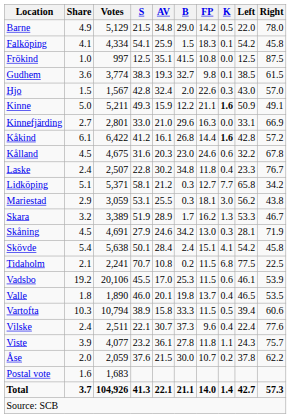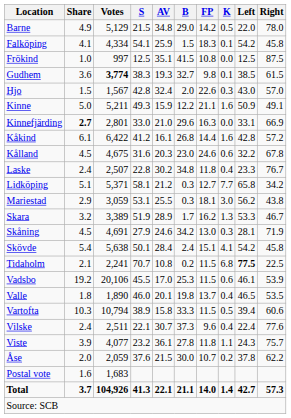 <table class="wikitable sortable" style=text-align:right>
 <tr>
 <th>Location</th>
 <th>Share</th>
 <th>Votes</th>
 <th><a href='#'>S</a></th>
 <th><a href='#'>AV</a></th>
 <th><a href='#'>B</a></th>
 <th><a href='#'>FP</a></th>
 <th><a href='#'>K</a></th>
 <th>Left</th>
 <th>Right</th>
 </tr>
 <tr>
 <td align=left><a href='#'>Barne</a></td>
 <td>4.9</td>
 <td>5,129</td>
 <td>21.5</td>
 <td>34.8</td>
 <td>29.0</td>
 <td>14.2</td>
 <td>0.5</td>
 <td>22.0</td>
 <td>78.0</td>
 </tr>
 <tr>
 <td align=left><a href='#'>Falköping</a></td>
 <td>4.1</td>
 <td>4,334</td>
 <td>54.1</td>
 <td>25.9</td>
 <td>1.5</td>
 <td>18.3</td>
 <td>0.1</td>
 <td>54.2</td>
 <td>45.8</td>
 </tr>
 <tr>
 <td align=left><a href='#'>Frökind</a></td>
 <td>1.0</td>
 <td>997</td>
 <td>12.5</td>
 <td>35.1</td>
 <td>41.5</td>
 <td>10.8</td>
 <td>0.0</td>
 <td>12.5</td>
 <td>87.5</td>
 </tr>
 <tr>
 <td align=left><a href='#'>Gudhem</a></td>
 <td>3.6</td>
-<td>3,774</td>
+<td><strong>3,774</strong></td>
 <td>38.3</td>
 <td>19.3</td>
 <td>32.7</td>
 <td>9.8</td>
 <td>0.1</td>
 <td>38.5</td>
 <td>61.5</td>
 </tr>
 <tr>
 <td align=left><a href='#'>Hjo</a></td>
 <td>1.5</td>
 <td>1,567</td>
 <td>42.8</td>
 <td>32.4</td>
 <td>2.0</td>
 <td>22.6</td>
 <td>0.3</td>
 <td>43.0</td>
 <td>57.0</td>
 </tr>
 <tr>
 <td align=left><a href='#'>Kinne</a></td>
 <td>5.0</td>
 <td>5,211</td>
 <td>49.3</td>
 <td>15.9</td>
 <td>12.2</td>
 <td>21.1</td>
-<td><strong>1.6</strong></td>
+<td>1.6</td>
 <td>50.9</td>
 <td>49.1</td>
 </tr>
 <tr>
 <td align=left><a href='#'>Kinnefjärding</a></td>
-<td>2.7</td>
+<td><strong>2.7</strong></td>
 <td>2,801</td>
 <td>33.0</td>
 <td>21.0</td>
 <td>29.6</td>
 <td>16.3</td>
 <td>0.0</td>
 <td>33.1</td>
 <td>66.9</td>
 </tr>
 <tr>
 <td align=left><a href='#'>Kåkind</a></td>
 <td>6.1</td>
 <td>6,422</td>
 <td>41.2</td>
 <td>16.1</td>
 <td>26.8</td>
 <td>14.4</td>
-<td><strong>1.6</strong></td>
+<td>1.6</td>
 <td>42.8</td>
 <td>57.2</td>
 </tr>
 <tr>
 <td align=left><a href='#'>Kålland</a></td>
 <td>4.5</td>
 <td>4,675</td>
 <td>31.6</td>
 <td>20.3</td>
 <td>23.0</td>
 <td>24.6</td>
 <td>0.6</td>
 <td>32.2</td>
 <td>67.8</td>
 </tr>
 <tr>
 <td align=left><a href='#'>Laske</a></td>
 <td>2.4</td>
 <td>2,507</td>
 <td>22.8</td>
 <td>30.2</td>
 <td>34.8</td>
 <td>11.8</td>
 <td>0.4</td>
 <td>23.3</td>
 <td>76.7</td>
 </tr>
 <tr>
 <td align=left><a href='#'>Lidköping</a></td>
 <td>5.1</td>
 <td>5,371</td>
 <td>58.1</td>
 <td>21.2</td>
 <td>0.3</td>
 <td>12.7</td>
 <td>7.7</td>
 <td>65.8</td>
 <td>34.2</td>
 </tr>
 <tr>
 <td align=left><a href='#'>Mariestad</a></td>
 <td>2.9</td>
 <td>3,059</td>
 <td>53.1</td>
 <td>25.5</td>
 <td>0.3</td>
 <td>18.1</td>
 <td>3.0</td>
 <td>56.2</td>
 <td>43.8</td>
 </tr>
 <tr>
 <td align=left><a href='#'>Skara</a></td>
 <td>3.2</td>
 <td>3,389</td>
 <td>51.9</td>
 <td>28.9</td>
 <td>1.7</td>
 <td>16.2</td>
 <td>1.3</td>
 <td>53.3</td>
 <td>46.7</td>
 </tr>
 <tr>
 <td align=left><a href='#'>Skåning</a></td>
 <td>4.5</td>
 <td>4,691</td>
 <td>27.9</td>
 <td>24.6</td>
 <td>34.2</td>
 <td>13.0</td>
 <td>0.3</td>
 <td>28.1</td>
 <td>71.9</td>
 </tr>
 <tr>
 <td align=left><a href='#'>Skövde</a></td>
 <td>5.4</td>
 <td>5,638</td>
 <td>50.1</td>
 <td>28.4</td>
 <td>2.4</td>
 <td>15.1</td>
 <td>4.1</td>
 <td>54.2</td>
 <td>45.8</td>
 </tr>
 <tr>
 <td align=left><a href='#'>Tidaholm</a></td>
 <td>2.1</td>
 <td>2,241</td>
 <td>70.7</td>
 <td>10.8</td>
 <td>0.2</td>
 <td>11.5</td>
 <td>6.8</td>
-<td>77.5</td>
+<td><strong>77.5</strong></td>
 <td>22.5</td>
 </tr>
 <tr>
 <td align=left><a href='#'>Vadsbo</a></td>
 <td>19.2</td>
 <td>20,106</td>
 <td>45.5</td>
 <td>17.0</td>
 <td>25.3</td>
 <td>11.5</td>
 <td>0.6</td>
 <td>46.1</td>
 <td>53.9</td>
 </tr>
 <tr>
 <td align=left><a href='#'>Valle</a></td>
 <td>1.8</td>
 <td>1,890</td>
 <td>46.0</td>
 <td>20.1</td>
 <td>19.8</td>
 <td>13.7</td>
 <td>0.4</td>
 <td>46.5</td>
 <td>53.5</td>
 </tr>
 <tr>
 <td align=left><a href='#'>Vartofta</a></td>
 <td>10.3</td>
 <td>10,794</td>
 <td>38.9</td>
 <td>15.8</td>
 <td>33.3</td>
 <td>11.5</td>
 <td>0.5</td>
 <td>39.4</td>
 <td>60.6</td>
 </tr>
 <tr>
 <td align=left><a href='#'>Vilske</a></td>
 <td>2.4</td>
 <td>2,511</td>
 <td>22.1</td>
 <td>30.7</td>
 <td>37.3</td>
 <td>9.6</td>
 <td>0.4</td>
 <td>22.4</td>
 <td>77.6</td>
 </tr>
 <tr>
 <td align=left><a href='#'>Viste</a></td>
 <td>3.9</td>
 <td>4,077</td>
 <td>23.2</td>
 <td>36.1</td>
 <td>27.8</td>
 <td>11.8</td>
 <td>1.1</td>
 <td>24.3</td>
 <td>75.7</td>
 </tr>
 <tr>
 <td align=left><a href='#'>Åse</a></td>
 <td>2.0</td>
 <td>2,059</td>
 <td>37.6</td>
 <td>21.5</td>
 <td>30.0</td>
 <td>10.7</td>
 <td>0.2</td>
 <td>37.8</td>
 <td>62.2</td>
 </tr>
 <tr>
 <td align=left><a href='#'>Postal vote</a></td>
 <td>1.6</td>
 <td>1,683</td>
 <td></td>
 <td></td>
 <td></td>
 <td></td>
 <td></td>
 <td></td>
 <td></td>
 </tr>
 <tr>
 <td align=left><strong>Total</strong></td>
 <td><strong>3.7</strong></td>
 <td><strong>104,926</strong></td>
 <td><strong>41.3</strong></td>
 <td><strong>22.1</strong></td>
 <td><strong>21.1</strong></td>
 <td><strong>14.0</strong></td>
 <td><strong>1.4</strong></td>
 <td><strong>42.7</strong></td>
 <td><strong>57.3</strong></td>
 </tr>
 <tr>
 <td align=left colspan=10>Source: SCB </td>
 </tr>
 </table>
